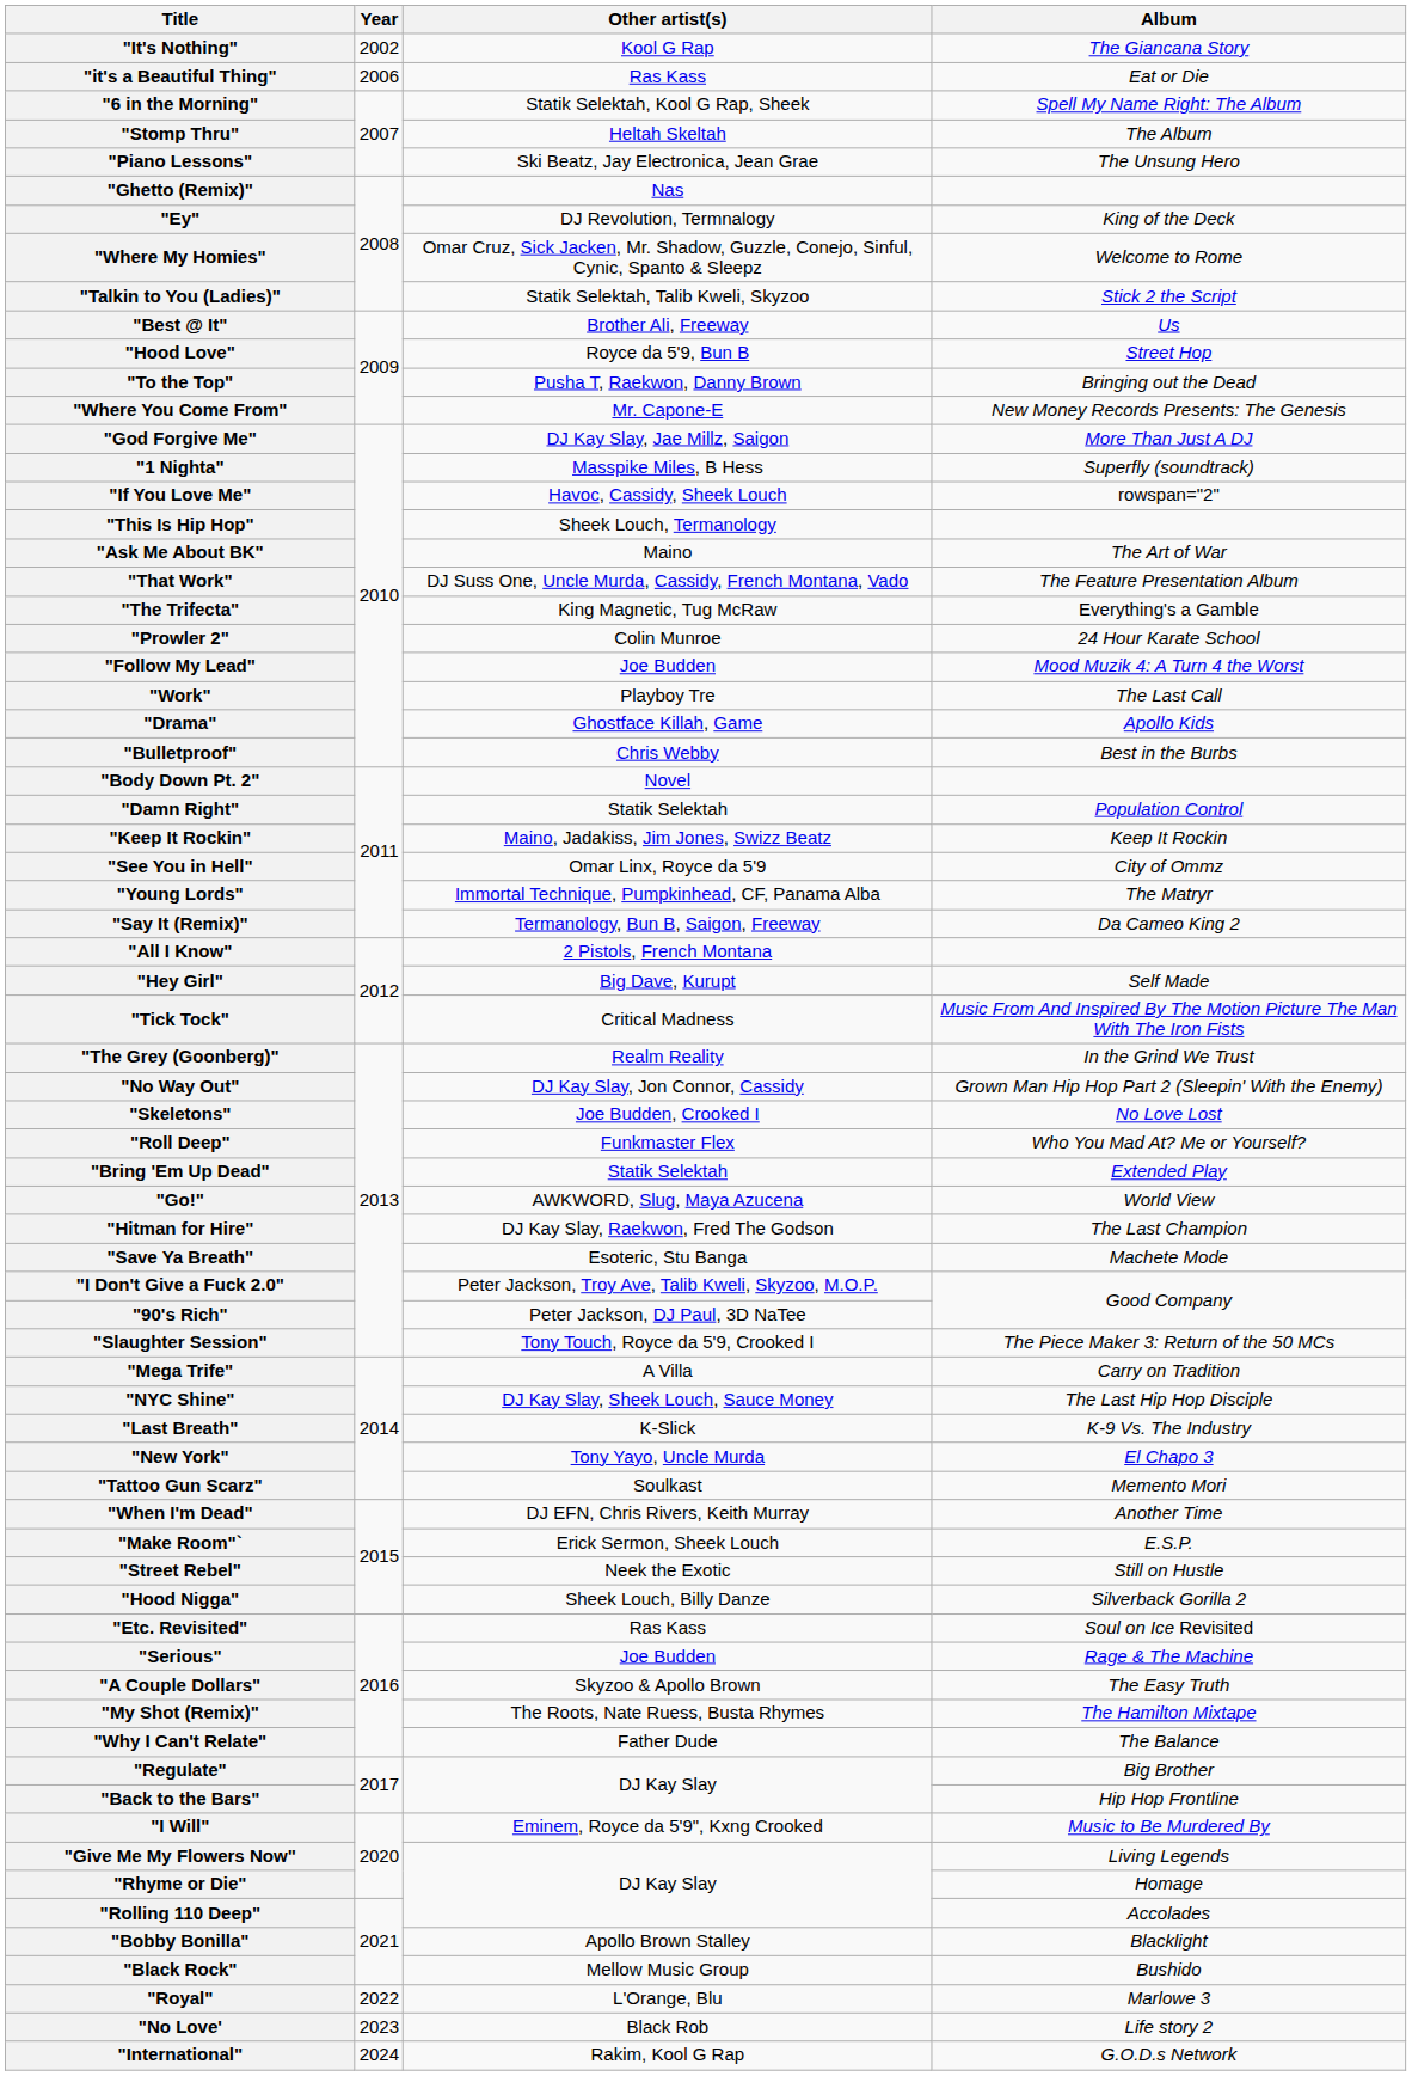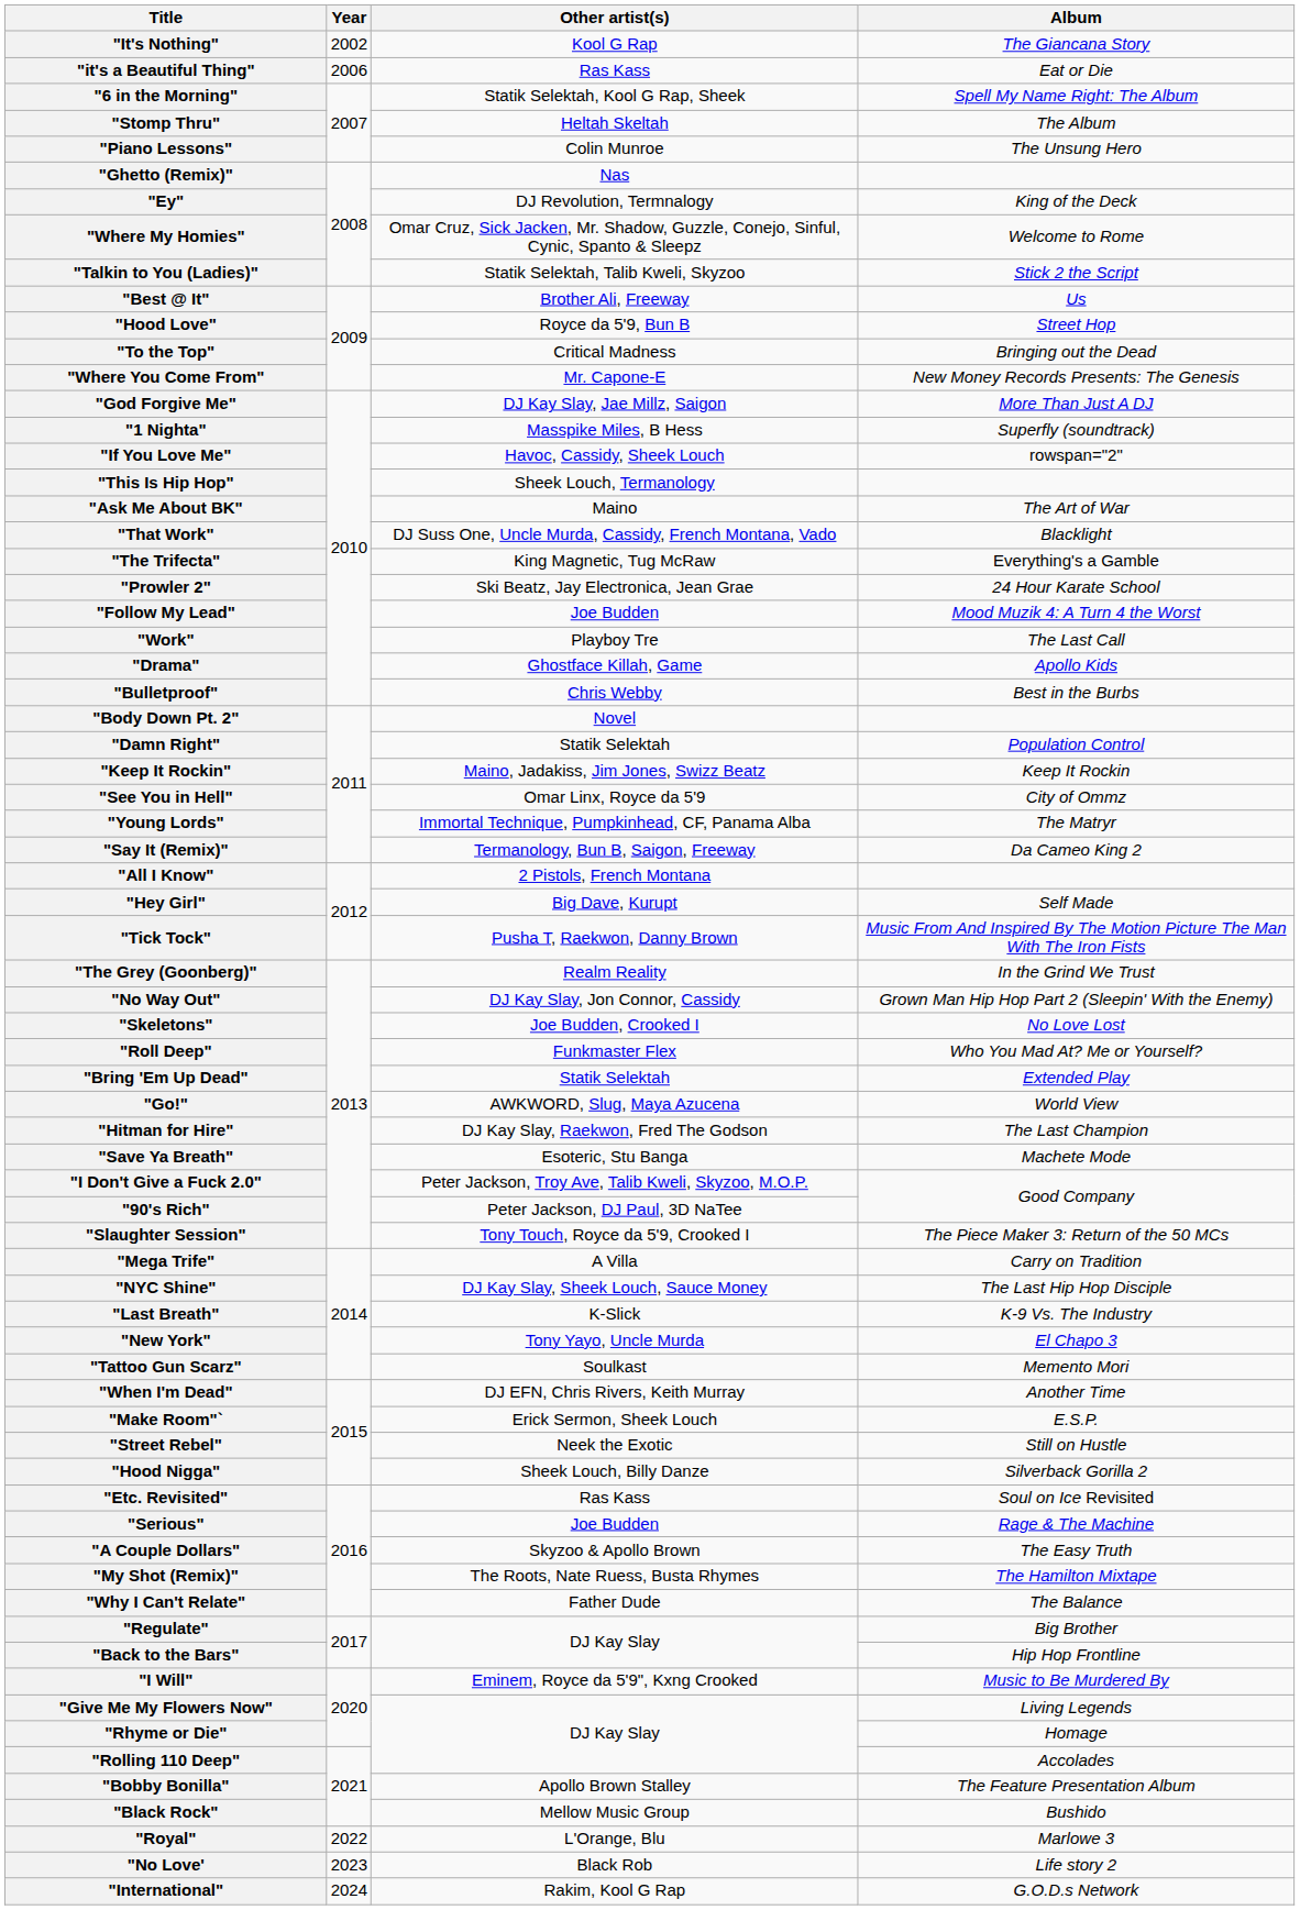 <table class="wikitable plainrowheaders" style="text-align:center;">
 <tr>
 <th scope="col" style="width:19em;">Title</th>
 <th scope="col">Year</th>
 <th scope="col">Other artist(s)</th>
 <th scope="col">Album</th>
 </tr>
 <tr>
 <th scope="row">"It's Nothing"</th>
 <td>2002</td>
 <td><a href='#'>Kool G Rap</a></td>
 <td><em><a href='#'>The Giancana Story</a></em></td>
 </tr>
 <tr>
 <th>"it's a Beautiful Thing"</th>
 <td>2006</td>
 <td><a href='#'>Ras Kass</a></td>
 <td><em>Eat or Die</em></td>
 </tr>
 <tr>
 <th>"6 in the Morning"</th>
 <td rowspan="3">2007</td>
 <td>Statik Selektah, Kool G Rap, Sheek</td>
 <td><em><a href='#'>Spell My Name Right: The Album</a></em></td>
 </tr>
 <tr>
 <th>"Stomp Thru"</th>
 <td><a href='#'>Heltah Skeltah</a></td>
 <td><em>The Album</em></td>
 </tr>
 <tr>
 <th>"Piano Lessons"</th>
-<td>Ski Beatz, Jay Electronica, Jean Grae</td>
+<td>Colin Munroe</td>
 <td><em>The Unsung Hero</em></td>
 </tr>
 <tr>
 <th scope="row">"Ghetto (Remix)"</th>
 <td rowspan="4">2008</td>
 <td><a href='#'>Nas</a></td>
 <td></td>
 </tr>
 <tr>
 <th>"Ey"</th>
 <td>DJ Revolution, Termnalogy</td>
 <td><em>King of the Deck</em></td>
 </tr>
 <tr>
 <th scope="row">"Where My Homies"</th>
 <td>Omar Cruz, <a href='#'>Sick Jacken</a>, Mr. Shadow, Guzzle, Conejo, Sinful, Cynic, Spanto & Sleepz</td>
 <td><em>Welcome to Rome</em></td>
 </tr>
 <tr>
 <th>"Talkin to You (Ladies)"</th>
 <td>Statik Selektah, Talib Kweli, Skyzoo</td>
 <td><em><a href='#'>Stick 2 the Script</a></em></td>
 </tr>
 <tr>
 <th scope="row">"Best @ It"</th>
 <td rowspan="4">2009</td>
 <td><a href='#'>Brother Ali</a>, <a href='#'>Freeway</a></td>
 <td><em><a href='#'>Us</a></em></td>
 </tr>
 <tr>
 <th scope="row">"Hood Love"</th>
 <td>Royce da 5'9, <a href='#'>Bun B</a></td>
 <td><em><a href='#'>Street Hop</a></em></td>
 </tr>
 <tr>
 <th>"To the Top"</th>
-<td><a href='#'>Pusha T</a>, <a href='#'>Raekwon</a>, <a href='#'>Danny Brown</a></td>
+<td>Critical Madness</td>
 <td><em>Bringing out the Dead</em></td>
 </tr>
 <tr>
 <th scope="row">"Where You Come From"</th>
 <td><a href='#'>Mr. Capone-E</a></td>
 <td><em>New Money Records Presents: The Genesis</em></td>
 </tr>
 <tr>
 <th scope="row">"God Forgive Me"</th>
 <td rowspan="12">2010</td>
 <td><a href='#'>DJ Kay Slay</a>, <a href='#'>Jae Millz</a>, <a href='#'>Saigon</a></td>
 <td><em><a href='#'>More Than Just A DJ</a></em></td>
 </tr>
 <tr>
 <th scope="row">"1 Nighta"</th>
 <td><a href='#'>Masspike Miles</a>, B Hess</td>
 <td><em>Superfly (soundtrack)</em></td>
 </tr>
 <tr>
 <th scope="row">"If You Love Me"</th>
 <td><a href='#'>Havoc</a>, <a href='#'>Cassidy</a>, <a href='#'>Sheek Louch</a></td>
 <td>rowspan="2" </td>
 </tr>
 <tr>
 <th scope="row">"This Is Hip Hop"</th>
 <td>Sheek Louch, <a href='#'>Termanology</a></td>
 </tr>
 <tr>
 <th>"Ask Me About BK"</th>
 <td>Maino</td>
 <td><em>The Art of War</em></td>
 </tr>
 <tr>
 <th scope="row">"That Work"</th>
 <td>DJ Suss One, <a href='#'>Uncle Murda</a>, <a href='#'>Cassidy</a>,  <a href='#'>French Montana</a>, <a href='#'>Vado</a></td>
-<td><em>The Feature Presentation Album</em></td>
+<td><em>Blacklight</em></td>
 </tr>
 <tr>
 <th>"The Trifecta"</th>
 <td>King Magnetic, Tug McRaw</td>
 <td>Everything's a Gamble</td>
 </tr>
 <tr>
 <th>"Prowler 2"</th>
-<td>Colin Munroe</td>
+<td>Ski Beatz, Jay Electronica, Jean Grae</td>
 <td><em>24 Hour Karate School</em></td>
 </tr>
 <tr>
 <th scope="row">"Follow My Lead"</th>
 <td><a href='#'>Joe Budden</a></td>
 <td><em><a href='#'>Mood Muzik 4: A Turn 4 the Worst</a></em></td>
 </tr>
 <tr>
 <th scope="row">"Work"</th>
 <td>Playboy Tre</td>
 <td><em>The Last Call</em></td>
 </tr>
 <tr>
 <th scope="row">"Drama"</th>
 <td><a href='#'>Ghostface Killah</a>, <a href='#'>Game</a></td>
 <td><em><a href='#'>Apollo Kids</a></em></td>
 </tr>
 <tr>
 <th scope="row">"Bulletproof"</th>
 <td><a href='#'>Chris Webby</a></td>
 <td><em>Best in the Burbs</em></td>
 </tr>
 <tr>
 <th scope="row">"Body Down Pt. 2"</th>
 <td rowspan="6">2011</td>
 <td><a href='#'>Novel</a></td>
 <td></td>
 </tr>
 <tr>
 <th>"Damn Right"</th>
 <td>Statik Selektah</td>
 <td><a href='#'><em>Population Control</em></a></td>
 </tr>
 <tr>
 <th scope="row">"Keep It Rockin"</th>
 <td><a href='#'>Maino</a>, Jadakiss, <a href='#'>Jim Jones</a>, <a href='#'>Swizz Beatz</a></td>
 <td><em>Keep It Rockin</em></td>
 </tr>
 <tr>
 <th scope="row">"See You in Hell"</th>
 <td>Omar Linx, Royce da 5'9</td>
 <td><em>City of Ommz</em></td>
 </tr>
 <tr>
 <th scope="row">"Young Lords"</th>
 <td><a href='#'>Immortal Technique</a>, <a href='#'>Pumpkinhead</a>, CF, Panama Alba</td>
 <td><em>The Matryr</em></td>
 </tr>
 <tr>
 <th scope="row">"Say It (Remix)"</th>
 <td><a href='#'>Termanology</a>, <a href='#'>Bun B</a>, <a href='#'>Saigon</a>, <a href='#'>Freeway</a></td>
 <td><em>Da Cameo King 2</em></td>
 </tr>
 <tr>
 <th scope="row">"All I Know"</th>
 <td rowspan="3">2012</td>
 <td><a href='#'>2 Pistols</a>, <a href='#'>French Montana</a></td>
 <td></td>
 </tr>
 <tr>
 <th scope="row">"Hey Girl"</th>
 <td><a href='#'>Big Dave</a>, <a href='#'>Kurupt</a></td>
 <td><em>Self Made</em></td>
 </tr>
 <tr>
 <th scope="row">"Tick Tock"</th>
-<td>Critical Madness</td>
+<td><a href='#'>Pusha T</a>, <a href='#'>Raekwon</a>, <a href='#'>Danny Brown</a></td>
 <td><em><a href='#'> Music From And Inspired By The Motion Picture The Man With The Iron Fists</a></em></td>
 </tr>
 <tr>
 <th scope="row">"The Grey (Goonberg)"</th>
 <td rowspan="11">2013</td>
 <td><a href='#'>Realm Reality</a></td>
 <td><em>In the Grind We Trust</em></td>
 </tr>
 <tr>
 <th scope="row">"No Way Out"</th>
 <td><a href='#'>DJ Kay Slay</a>, Jon Connor, <a href='#'>Cassidy</a></td>
 <td><em>Grown Man Hip Hop Part 2 (Sleepin' With the Enemy)</em></td>
 </tr>
 <tr>
 <th scope="row">"Skeletons"</th>
 <td><a href='#'>Joe Budden</a>, <a href='#'>Crooked I</a></td>
 <td><em><a href='#'>No Love Lost</a></em></td>
 </tr>
 <tr>
 <th scope="row">"Roll Deep"</th>
 <td><a href='#'>Funkmaster Flex</a></td>
 <td><em>Who You Mad At? Me or Yourself?</em></td>
 </tr>
 <tr>
 <th scope="row">"Bring 'Em Up Dead"</th>
 <td><a href='#'>Statik Selektah</a></td>
 <td><em><a href='#'>Extended Play</a></em></td>
 </tr>
 <tr>
 <th scope="row">"Go!"</th>
 <td>AWKWORD, <a href='#'>Slug</a>, <a href='#'>Maya Azucena</a></td>
 <td><em>World View</em></td>
 </tr>
 <tr>
 <th scope="row">"Hitman for Hire"</th>
 <td>DJ Kay Slay, <a href='#'>Raekwon</a>, Fred The Godson</td>
 <td><em>The Last Champion</em></td>
 </tr>
 <tr>
 <th>"Save Ya Breath"</th>
 <td>Esoteric, Stu Banga</td>
 <td><em>Machete Mode</em></td>
 </tr>
 <tr>
 <th scope="row">"I Don't Give a Fuck 2.0"</th>
 <td>Peter Jackson, <a href='#'>Troy Ave</a>, <a href='#'>Talib Kweli</a>, <a href='#'>Skyzoo</a>, <a href='#'>M.O.P.</a></td>
 <td rowspan="2"><em>Good Company</em></td>
 </tr>
 <tr>
 <th scope="row">"90's Rich"</th>
 <td>Peter Jackson, <a href='#'>DJ Paul</a>, 3D NaTee</td>
 </tr>
 <tr>
 <th scope="row">"Slaughter Session"</th>
 <td><a href='#'>Tony Touch</a>, Royce da 5'9, Crooked I</td>
 <td><em>The Piece Maker 3: Return of the 50 MCs</em></td>
 </tr>
 <tr>
 <th>"Mega Trife"</th>
 <td rowspan="5">2014</td>
 <td>A Villa</td>
 <td><em>Carry on Tradition</em></td>
 </tr>
 <tr>
 <th scope="row">"NYC Shine"</th>
 <td><a href='#'>DJ Kay Slay</a>, <a href='#'>Sheek Louch</a>, <a href='#'>Sauce Money</a></td>
 <td><em>The Last Hip Hop Disciple</em></td>
 </tr>
 <tr>
 <th scope="row">"Last Breath"</th>
 <td>K-Slick</td>
 <td><em>K-9 Vs. The Industry</em></td>
 </tr>
 <tr>
 <th scope="row">"New York"</th>
 <td><a href='#'>Tony Yayo</a>, <a href='#'>Uncle Murda</a></td>
 <td><em><a href='#'>El Chapo 3</a></em></td>
 </tr>
 <tr>
 <th>"Tattoo Gun Scarz"</th>
 <td>Soulkast</td>
 <td><em>Memento Mori</em></td>
 </tr>
 <tr>
 <th>"When I'm Dead"</th>
 <td rowspan="4">2015</td>
 <td>DJ EFN, Chris Rivers, Keith Murray</td>
 <td><em>Another Time</em></td>
 </tr>
 <tr>
 <th>"Make Room"`</th>
 <td>Erick Sermon, Sheek Louch</td>
 <td><em>E.S.P.</em></td>
 </tr>
 <tr>
 <th>"Street Rebel"</th>
 <td>Neek the Exotic</td>
 <td><em>Still on Hustle</em></td>
 </tr>
 <tr>
 <th>"Hood Nigga"</th>
 <td>Sheek Louch, Billy Danze</td>
 <td><em>Silverback Gorilla 2</em></td>
 </tr>
 <tr>
 <th>"Etc. Revisited"</th>
 <td rowspan="5">2016</td>
 <td>Ras Kass</td>
 <td><em>Soul on Ice</em> Revisited</td>
 </tr>
 <tr>
 <th scope="row">"Serious"</th>
 <td><a href='#'>Joe Budden</a></td>
 <td><em><a href='#'>Rage & The Machine</a></em></td>
 </tr>
 <tr>
 <th>"A Couple Dollars"</th>
 <td>Skyzoo & Apollo Brown</td>
 <td><em>The Easy Truth</em></td>
 </tr>
 <tr>
 <th>"My Shot (Remix)"</th>
 <td>The Roots, Nate Ruess, Busta Rhymes</td>
 <td><em><a href='#'>The Hamilton Mixtape</a></em></td>
 </tr>
 <tr>
 <th>"Why I Can't Relate"</th>
 <td>Father Dude</td>
 <td><em>The Balance</em></td>
 </tr>
 <tr>
 <th>"Regulate"</th>
 <td rowspan="2">2017</td>
 <td rowspan="2">DJ Kay Slay</td>
 <td><em>Big Brother</em></td>
 </tr>
 <tr>
 <th>"Back to the Bars"</th>
 <td><em>Hip Hop Frontline</em></td>
 </tr>
 <tr>
 <th scope="row">"I Will"</th>
 <td rowspan="3">2020</td>
 <td><a href='#'>Eminem</a>, Royce da 5'9", Kxng Crooked</td>
 <td><em><a href='#'>Music to Be Murdered By</a></em></td>
 </tr>
 <tr>
 <th>"Give Me My Flowers Now"</th>
 <td rowspan="3">DJ Kay Slay</td>
 <td><em>Living Legends</em></td>
 </tr>
 <tr>
 <th>"Rhyme or Die"</th>
 <td><em>Homage</em></td>
 </tr>
 <tr>
 <th>"Rolling 110 Deep"</th>
 <td rowspan="3">2021</td>
 <td><em>Accolades</em></td>
 </tr>
 <tr>
 <th>"Bobby Bonilla"</th>
 <td>Apollo Brown Stalley</td>
-<td><em>Blacklight</em></td>
+<td><em>The Feature Presentation Album</em></td>
 </tr>
 <tr>
 <th>"Black Rock"</th>
 <td>Mellow Music Group</td>
 <td><em>Bushido</em></td>
 </tr>
 <tr>
 <th>"Royal"</th>
 <td>2022</td>
 <td>L'Orange, Blu</td>
 <td><em>Marlowe 3</em></td>
 </tr>
 <tr>
 <th>"No Love'</th>
 <td>2023</td>
 <td>Black Rob</td>
 <td><em>Life story 2</em></td>
 </tr>
 <tr>
 <th>"International"</th>
 <td>2024</td>
 <td>Rakim, Kool G Rap</td>
 <td><em>G.O.D.s Network</em></td>
 </tr>
 </table>
